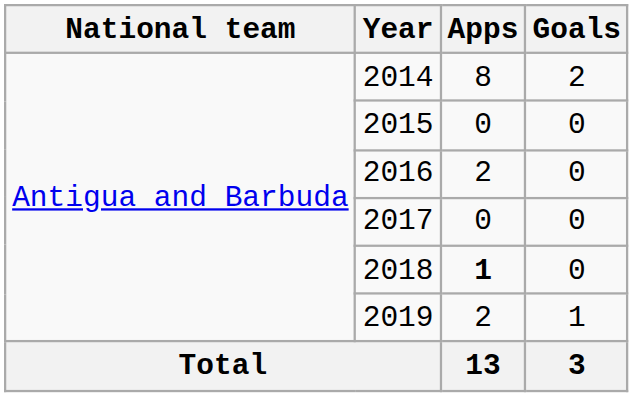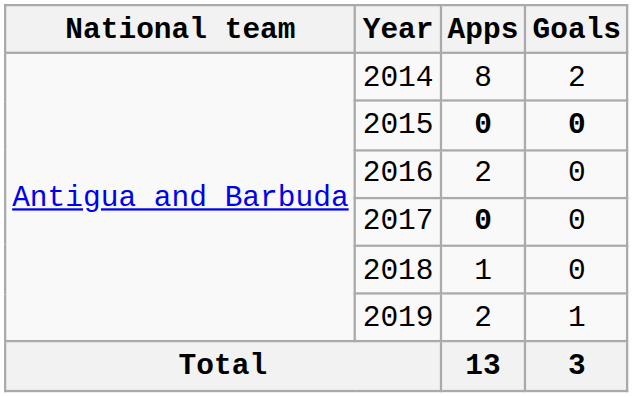 <table class=wikitable style=text-align:center>
 <tr>
 <th>National team</th>
 <th>Year</th>
 <th>Apps</th>
 <th>Goals</th>
 </tr>
 <tr>
 <td rowspan="6"><a href='#'>Antigua and Barbuda</a></td>
 <td>2014</td>
 <td>8</td>
 <td>2</td>
 </tr>
 <tr>
 <td>2015</td>
-<td>0</td>
-<td>0</td>
+<td><strong>0</strong></td>
+<td><strong>0</strong></td>
 </tr>
 <tr>
 <td>2016</td>
 <td>2</td>
 <td>0</td>
 </tr>
 <tr>
 <td>2017</td>
-<td>0</td>
+<td><strong>0</strong></td>
 <td>0</td>
 </tr>
 <tr>
 <td>2018</td>
-<td><strong>1</strong></td>
+<td>1</td>
 <td>0</td>
 </tr>
 <tr>
 <td>2019</td>
 <td>2</td>
 <td>1</td>
 </tr>
 <tr>
 <th colspan="2">Total</th>
 <th>13</th>
 <th>3</th>
 </tr>
 </table>
